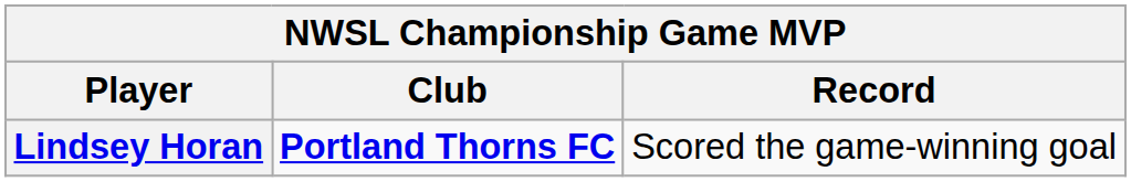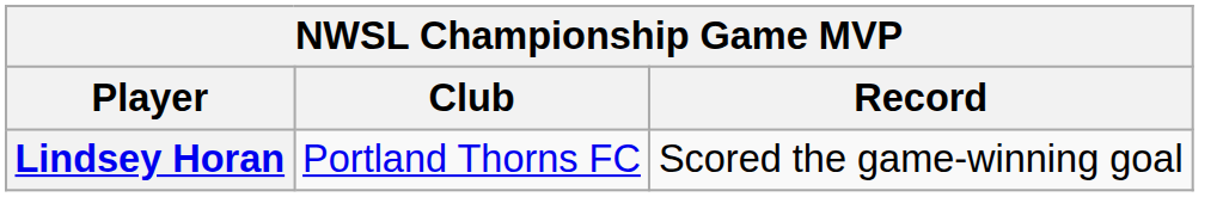 <table class="wikitable">
 <tr>
 <th colspan=3>NWSL Championship Game MVP</th>
 </tr>
 <tr>
 <th>Player</th>
 <th>Club</th>
 <th>Record</th>
 </tr>
 <tr>
 <th> <a href='#'>Lindsey Horan</a></th>
-<td><strong><a href='#'>Portland Thorns FC</a></strong></td>
+<td><a href='#'>Portland Thorns FC</a></td>
 <td>Scored the game-winning goal</td>
 </tr>
 </table>
